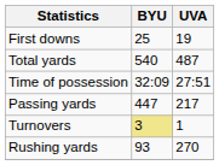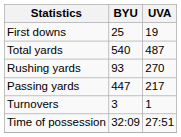 <table class="wikitable">
 <tr>
 <th>Statistics</th>
 <th>BYU</th>
 <th>UVA</th>
 </tr>
 <tr>
 <td>First downs</td>
 <td>25</td>
 <td>19</td>
 </tr>
 <tr>
 <td>Total yards</td>
 <td>540</td>
 <td>487</td>
 </tr>
 <tr>
-<td>Time of possession</td>
-<td>32:09</td>
-<td>27:51</td>
+<td>Rushing yards</td>
+<td>93</td>
+<td>270</td>
 </tr>
 <tr>
 <td>Passing yards</td>
 <td>447</td>
 <td>217</td>
 </tr>
 <tr>
 <td>Turnovers</td>
-<td style="background: khaki;">3</td>
+<td>3</td>
 <td>1</td>
 </tr>
 <tr>
-<td>Rushing yards</td>
-<td>93</td>
-<td>270</td>
+<td>Time of possession</td>
+<td>32:09</td>
+<td>27:51</td>
 </tr>
 <tr>
 </tr>
 </table>
